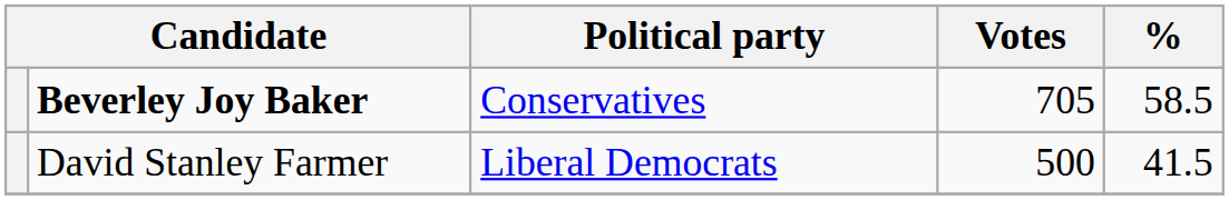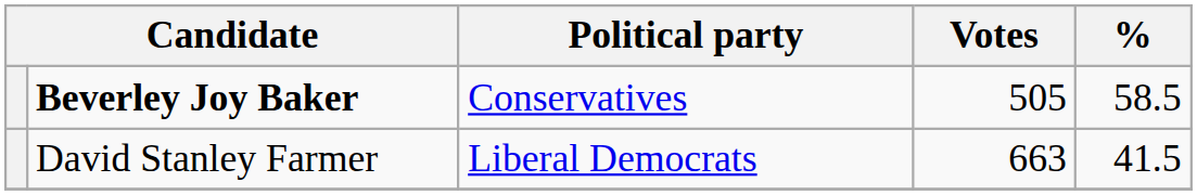 <table class="wikitable">
 <tr>
 <th valign=top colspan="2" style="width: 180px">Candidate</th>
 <th valign=top style="width: 180px">Political party</th>
 <th valign=top style="width: 60px">Votes</th>
 <th valign=top style="width: 40px">%</th>
 </tr>
 <tr>
 <th style="background-color: "></th>
 <td><strong>Beverley Joy Baker</strong></td>
 <td><a href='#'>Conservatives</a></td>
-<td align="right">705</td>
+<td align="right">505</td>
 <td align="right">58.5</td>
 </tr>
 <tr>
 <th style="background-color: "></th>
 <td>David Stanley Farmer</td>
 <td><a href='#'>Liberal Democrats</a></td>
-<td align="right">500</td>
+<td align="right">663</td>
 <td align="right">41.5</td>
 </tr>
 <tr>
 </tr>
 </table>
